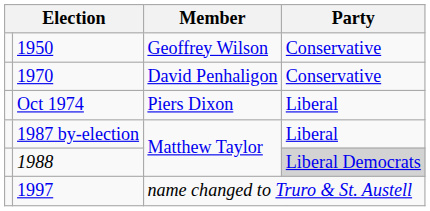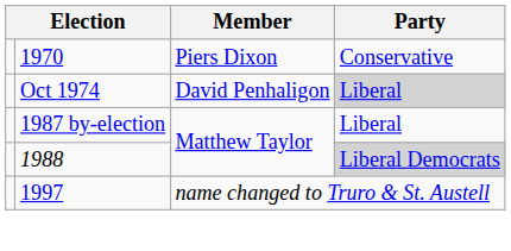 <table class="wikitable">
 <tr>
 <th colspan="2">Election</th>
 <th>Member</th>
 <th>Party</th>
 </tr>
 <tr>
 <td style="color:inherit;background-color: "></td>
-<td><a href='#'>1950</a></td>
-<td><a href='#'>Geoffrey Wilson</a></td>
-<td><a href='#'>Conservative</a></td>
-</tr>
-<tr>
-<td style="color:inherit;background-color: "></td>
 <td><a href='#'>1970</a></td>
-<td><a href='#'>David Penhaligon</a></td>
+<td><a href='#'>Piers Dixon</a></td>
 <td><a href='#'>Conservative</a></td>
 </tr>
 <tr>
 <td style="color:inherit;background-color: "></td>
 <td><a href='#'>Oct 1974</a></td>
-<td><a href='#'>Piers Dixon</a></td>
-<td><a href='#'>Liberal</a></td>
+<td><a href='#'>David Penhaligon</a></td>
+<td style="background: lightgrey;"><a href='#'>Liberal</a></td>
 </tr>
 <tr>
 <td style="color:inherit;background-color: "></td>
 <td><a href='#'>1987 by-election</a></td>
 <td rowspan="2"><a href='#'>Matthew Taylor</a></td>
 <td><a href='#'>Liberal</a></td>
 </tr>
 <tr>
 <td style="color:inherit;background-color: "></td>
 <td><em>1988</em></td>
 <td style="background: lightgrey;"><a href='#'>Liberal Democrats</a></td>
 </tr>
 <tr>
 <td></td>
 <td><a href='#'>1997</a></td>
 <td colspan="2"><em>name changed to <a href='#'>Truro & St. Austell</a></em></td>
 </tr>
 </table>
